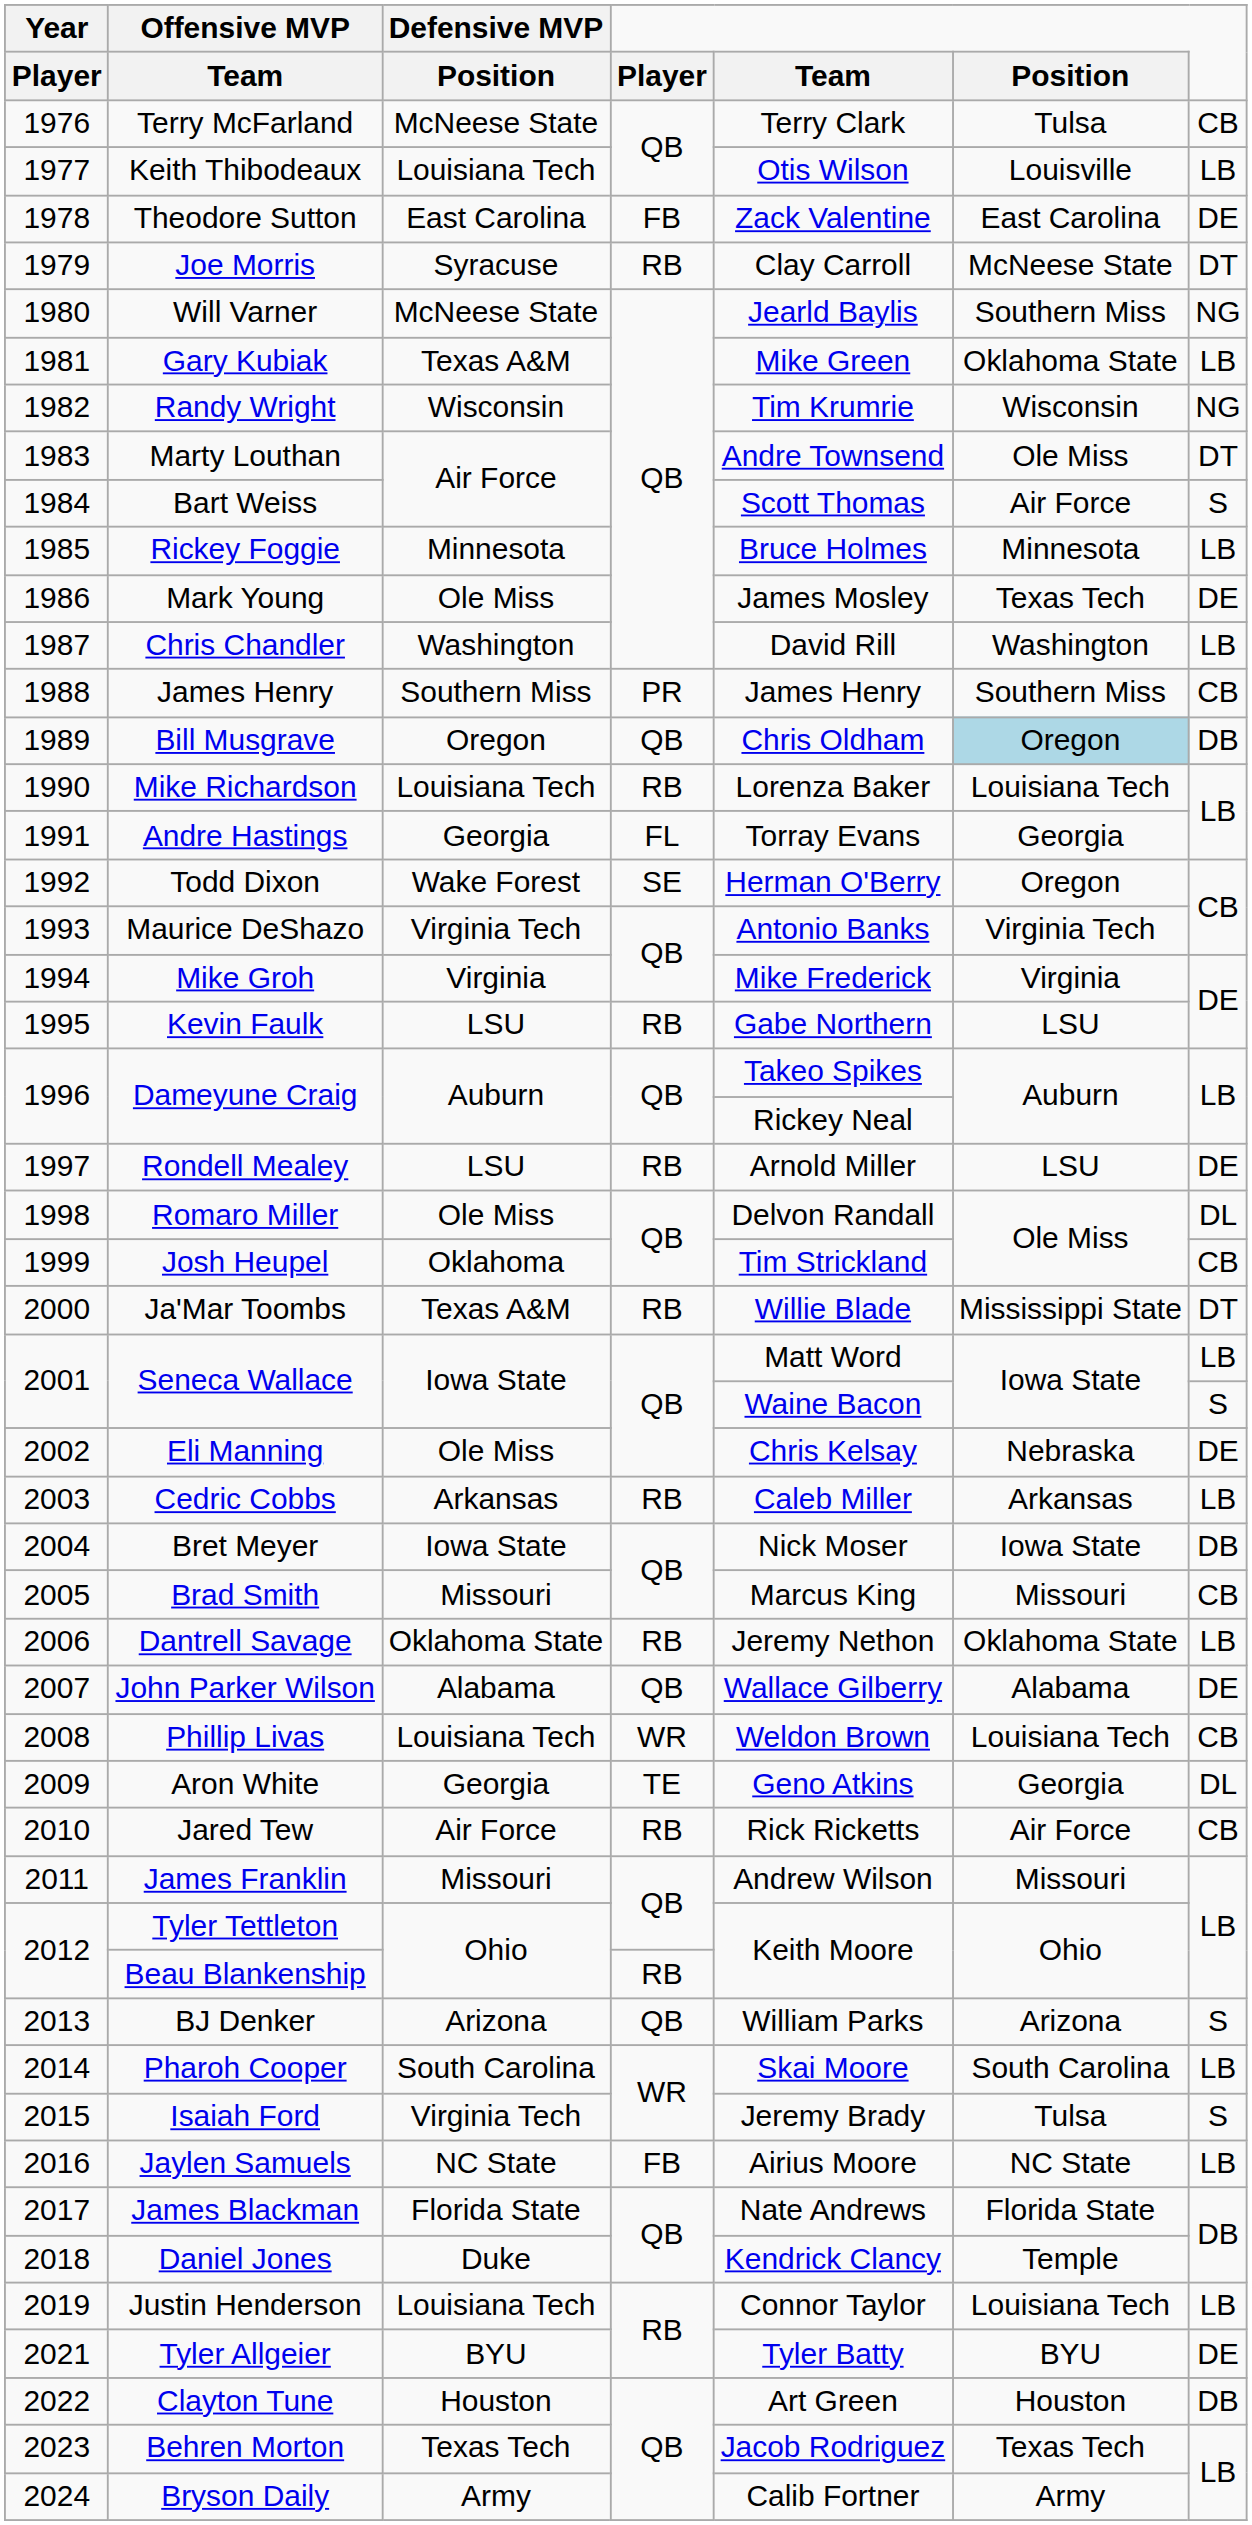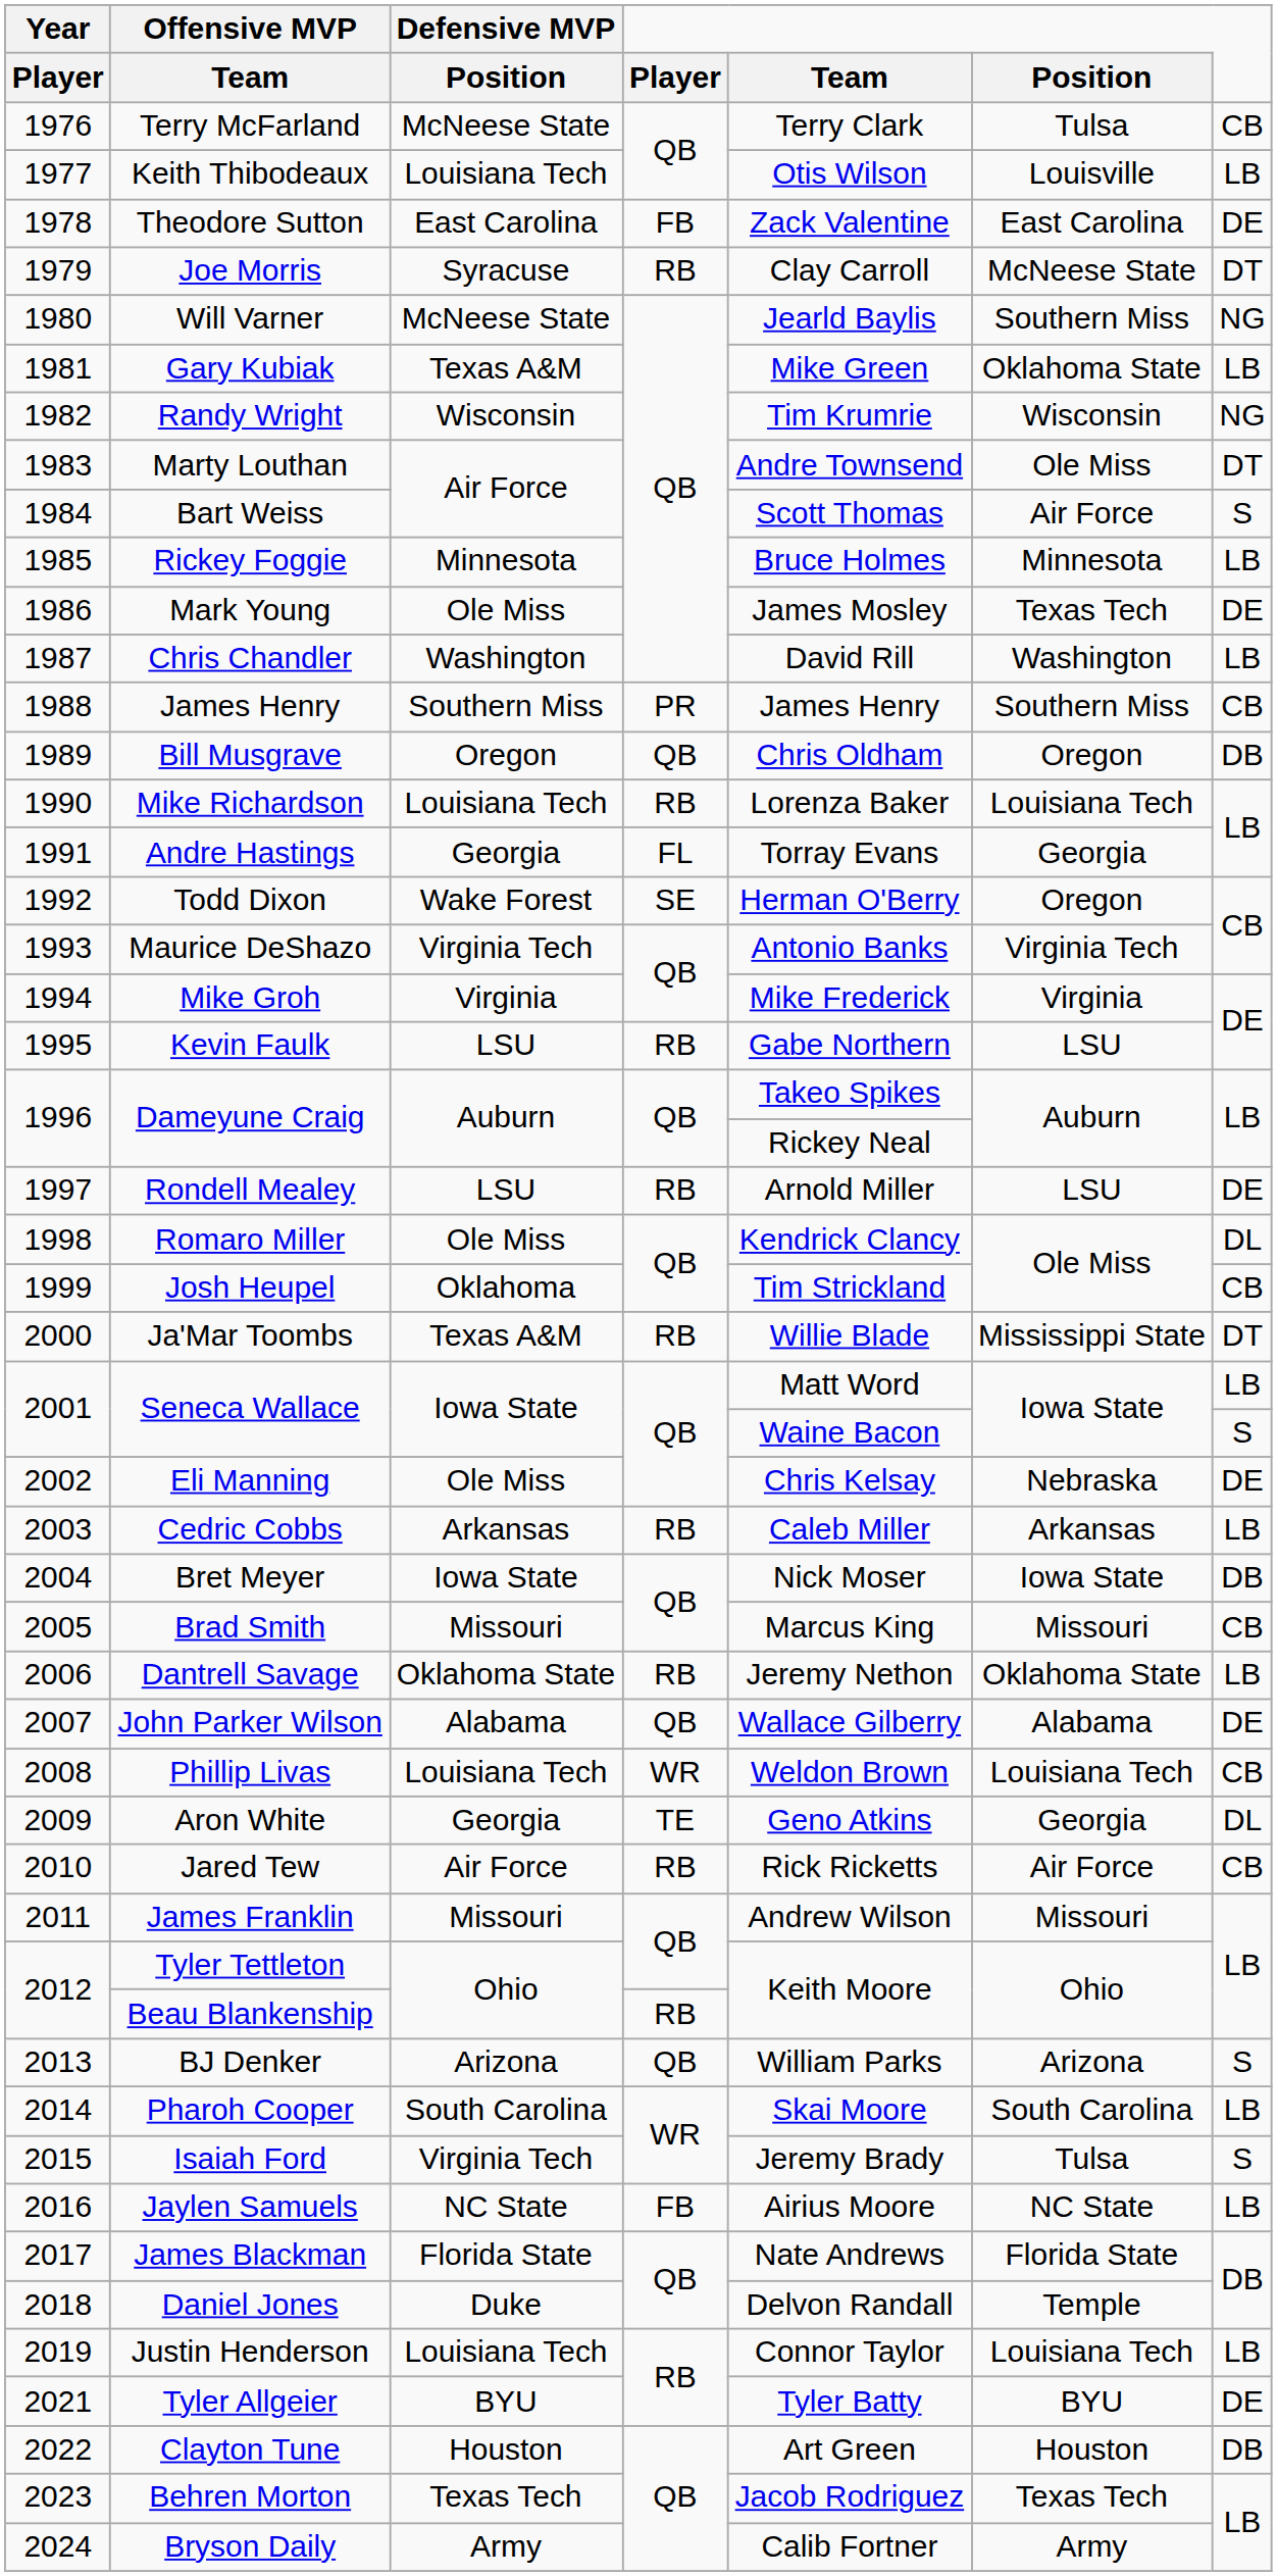 <table class="wikitable" style="text-align:center">
 <tr>
 <th>Year</th>
 <th>Offensive MVP</th>
 <th>Defensive MVP</th>
 </tr>
 <tr>
 <th>Player</th>
 <th>Team</th>
 <th>Position</th>
 <th>Player</th>
 <th>Team</th>
 <th>Position</th>
 </tr>
 <tr>
 <td>1976</td>
 <td>Terry McFarland</td>
 <td>McNeese State</td>
 <td rowspan="2">QB</td>
 <td>Terry Clark</td>
 <td>Tulsa</td>
 <td>CB</td>
 </tr>
 <tr>
 <td>1977</td>
 <td>Keith Thibodeaux</td>
 <td>Louisiana Tech</td>
 <td><a href='#'>Otis Wilson</a></td>
 <td>Louisville</td>
 <td>LB</td>
 </tr>
 <tr>
 <td>1978</td>
 <td>Theodore Sutton</td>
 <td>East Carolina</td>
 <td>FB</td>
 <td><a href='#'>Zack Valentine</a></td>
 <td>East Carolina</td>
 <td>DE</td>
 </tr>
 <tr>
 <td>1979</td>
 <td><a href='#'>Joe Morris</a></td>
 <td>Syracuse</td>
 <td>RB</td>
 <td>Clay Carroll</td>
 <td>McNeese State</td>
 <td>DT</td>
 </tr>
 <tr>
 <td>1980</td>
 <td>Will Varner</td>
 <td>McNeese State</td>
 <td rowspan="8">QB</td>
 <td><a href='#'>Jearld Baylis</a></td>
 <td>Southern Miss</td>
 <td>NG</td>
 </tr>
 <tr>
 <td>1981</td>
 <td><a href='#'>Gary Kubiak</a></td>
 <td>Texas A&M</td>
 <td><a href='#'>Mike Green</a></td>
 <td>Oklahoma State</td>
 <td>LB</td>
 </tr>
 <tr>
 <td>1982</td>
 <td><a href='#'>Randy Wright</a></td>
 <td>Wisconsin</td>
 <td><a href='#'>Tim Krumrie</a></td>
 <td>Wisconsin</td>
 <td>NG</td>
 </tr>
 <tr>
 <td>1983</td>
 <td>Marty Louthan</td>
 <td rowspan="2">Air Force</td>
 <td><a href='#'>Andre Townsend</a></td>
 <td>Ole Miss</td>
 <td>DT</td>
 </tr>
 <tr>
 <td>1984</td>
 <td>Bart Weiss</td>
 <td><a href='#'>Scott Thomas</a></td>
 <td>Air Force</td>
 <td>S</td>
 </tr>
 <tr>
 <td>1985</td>
 <td><a href='#'>Rickey Foggie</a></td>
 <td>Minnesota</td>
 <td><a href='#'>Bruce Holmes</a></td>
 <td>Minnesota</td>
 <td>LB</td>
 </tr>
 <tr>
 <td>1986</td>
 <td>Mark Young</td>
 <td>Ole Miss</td>
 <td>James Mosley</td>
 <td>Texas Tech</td>
 <td>DE</td>
 </tr>
 <tr>
 <td>1987</td>
 <td><a href='#'>Chris Chandler</a></td>
 <td>Washington</td>
 <td>David Rill</td>
 <td>Washington</td>
 <td>LB</td>
 </tr>
 <tr>
 <td>1988</td>
 <td>James Henry</td>
 <td>Southern Miss</td>
 <td>PR</td>
 <td>James Henry</td>
 <td>Southern Miss</td>
 <td>CB</td>
 </tr>
 <tr>
 <td>1989</td>
 <td><a href='#'>Bill Musgrave</a></td>
 <td>Oregon</td>
 <td>QB</td>
 <td><a href='#'>Chris Oldham</a></td>
-<td style="background: lightblue;">Oregon</td>
+<td>Oregon</td>
 <td>DB</td>
 </tr>
 <tr>
 <td>1990</td>
 <td><a href='#'>Mike Richardson</a></td>
 <td>Louisiana Tech</td>
 <td>RB</td>
 <td>Lorenza Baker</td>
 <td>Louisiana Tech</td>
 <td rowspan="2">LB</td>
 </tr>
 <tr>
 <td>1991</td>
 <td><a href='#'>Andre Hastings</a></td>
 <td>Georgia</td>
 <td>FL</td>
 <td>Torray Evans</td>
 <td>Georgia</td>
 </tr>
 <tr>
 <td>1992</td>
 <td>Todd Dixon</td>
 <td>Wake Forest</td>
 <td>SE</td>
 <td><a href='#'>Herman O'Berry</a></td>
 <td>Oregon</td>
 <td rowspan="2">CB</td>
 </tr>
 <tr>
 <td>1993</td>
 <td>Maurice DeShazo</td>
 <td>Virginia Tech</td>
 <td rowspan="2">QB</td>
 <td><a href='#'>Antonio Banks</a></td>
 <td>Virginia Tech</td>
 </tr>
 <tr>
 <td>1994</td>
 <td><a href='#'>Mike Groh</a></td>
 <td>Virginia</td>
 <td><a href='#'>Mike Frederick</a></td>
 <td>Virginia</td>
 <td rowspan="2">DE</td>
 </tr>
 <tr>
 <td>1995</td>
 <td><a href='#'>Kevin Faulk</a></td>
 <td>LSU</td>
 <td>RB</td>
 <td><a href='#'>Gabe Northern</a></td>
 <td>LSU</td>
 </tr>
 <tr>
 <td rowspan="2">1996</td>
 <td rowspan="2"><a href='#'>Dameyune Craig</a></td>
 <td rowspan="2">Auburn</td>
 <td rowspan="2">QB</td>
 <td><a href='#'>Takeo Spikes</a></td>
 <td rowspan="2">Auburn</td>
 <td rowspan="2">LB</td>
 </tr>
 <tr>
 <td>Rickey Neal</td>
 </tr>
 <tr>
 <td>1997</td>
 <td><a href='#'>Rondell Mealey</a></td>
 <td>LSU</td>
 <td>RB</td>
 <td>Arnold Miller</td>
 <td>LSU</td>
 <td>DE</td>
 </tr>
 <tr>
 <td>1998</td>
 <td><a href='#'>Romaro Miller</a></td>
 <td>Ole Miss</td>
 <td rowspan="2">QB</td>
-<td>Delvon Randall</td>
+<td><a href='#'>Kendrick Clancy</a></td>
 <td rowspan="2">Ole Miss</td>
 <td>DL</td>
 </tr>
 <tr>
 <td>1999</td>
 <td><a href='#'>Josh Heupel</a></td>
 <td>Oklahoma</td>
 <td><a href='#'>Tim Strickland</a></td>
 <td>CB</td>
 </tr>
 <tr>
 <td>2000</td>
 <td>Ja'Mar Toombs</td>
 <td>Texas A&M</td>
 <td>RB</td>
 <td><a href='#'>Willie Blade</a></td>
 <td>Mississippi State</td>
 <td>DT</td>
 </tr>
 <tr>
 <td rowspan="2">2001</td>
 <td rowspan="2"><a href='#'>Seneca Wallace</a></td>
 <td rowspan="2">Iowa State</td>
 <td rowspan="3">QB</td>
 <td>Matt Word</td>
 <td rowspan="2">Iowa State</td>
 <td>LB</td>
 </tr>
 <tr>
 <td><a href='#'>Waine Bacon</a></td>
 <td>S</td>
 </tr>
 <tr>
 <td>2002</td>
 <td><a href='#'>Eli Manning</a></td>
 <td>Ole Miss</td>
 <td><a href='#'>Chris Kelsay</a></td>
 <td>Nebraska</td>
 <td>DE</td>
 </tr>
 <tr>
 <td>2003</td>
 <td><a href='#'>Cedric Cobbs</a></td>
 <td>Arkansas</td>
 <td>RB</td>
 <td><a href='#'>Caleb Miller</a></td>
 <td>Arkansas</td>
 <td>LB</td>
 </tr>
 <tr>
 <td>2004</td>
 <td>Bret Meyer</td>
 <td>Iowa State</td>
 <td rowspan="2">QB</td>
 <td>Nick Moser</td>
 <td>Iowa State</td>
 <td>DB</td>
 </tr>
 <tr>
 <td>2005</td>
 <td><a href='#'>Brad Smith</a></td>
 <td>Missouri</td>
 <td>Marcus King</td>
 <td>Missouri</td>
 <td>CB</td>
 </tr>
 <tr>
 <td>2006</td>
 <td><a href='#'>Dantrell Savage</a></td>
 <td>Oklahoma State</td>
 <td>RB</td>
 <td>Jeremy Nethon</td>
 <td>Oklahoma State</td>
 <td>LB</td>
 </tr>
 <tr>
 <td>2007</td>
 <td><a href='#'>John Parker Wilson</a></td>
 <td>Alabama</td>
 <td>QB</td>
 <td><a href='#'>Wallace Gilberry</a></td>
 <td>Alabama</td>
 <td>DE</td>
 </tr>
 <tr>
 <td>2008</td>
 <td><a href='#'>Phillip Livas</a></td>
 <td>Louisiana Tech</td>
 <td>WR</td>
 <td><a href='#'>Weldon Brown</a></td>
 <td>Louisiana Tech</td>
 <td>CB</td>
 </tr>
 <tr>
 <td>2009</td>
 <td>Aron White</td>
 <td>Georgia</td>
 <td>TE</td>
 <td><a href='#'>Geno Atkins</a></td>
 <td>Georgia</td>
 <td>DL</td>
 </tr>
 <tr>
 <td>2010</td>
 <td>Jared Tew</td>
 <td>Air Force</td>
 <td>RB</td>
 <td>Rick Ricketts</td>
 <td>Air Force</td>
 <td>CB</td>
 </tr>
 <tr>
 <td>2011</td>
 <td><a href='#'>James Franklin</a></td>
 <td>Missouri</td>
 <td rowspan="2">QB</td>
 <td>Andrew Wilson</td>
 <td>Missouri</td>
 <td rowspan="3">LB</td>
 </tr>
 <tr>
 <td rowspan="2">2012</td>
 <td><a href='#'>Tyler Tettleton</a></td>
 <td rowspan="2">Ohio</td>
 <td rowspan="2">Keith Moore</td>
 <td rowspan="2">Ohio</td>
 </tr>
 <tr>
 <td><a href='#'>Beau Blankenship</a></td>
 <td>RB</td>
 </tr>
 <tr>
 <td>2013</td>
 <td>BJ Denker</td>
 <td>Arizona</td>
 <td>QB</td>
 <td>William Parks</td>
 <td>Arizona</td>
 <td>S</td>
 </tr>
 <tr>
 <td>2014</td>
 <td><a href='#'>Pharoh Cooper</a></td>
 <td>South Carolina</td>
 <td rowspan="2">WR</td>
 <td><a href='#'>Skai Moore</a></td>
 <td>South Carolina</td>
 <td>LB</td>
 </tr>
 <tr>
 <td>2015</td>
 <td><a href='#'>Isaiah Ford</a></td>
 <td>Virginia Tech</td>
 <td>Jeremy Brady</td>
 <td>Tulsa</td>
 <td>S</td>
 </tr>
 <tr>
 <td>2016</td>
 <td><a href='#'>Jaylen Samuels</a></td>
 <td>NC State</td>
 <td>FB</td>
 <td>Airius Moore</td>
 <td>NC State</td>
 <td>LB</td>
 </tr>
 <tr>
 <td>2017</td>
 <td><a href='#'>James Blackman</a></td>
 <td>Florida State</td>
 <td rowspan="2">QB</td>
 <td>Nate Andrews</td>
 <td>Florida State</td>
 <td rowspan="2">DB</td>
 </tr>
 <tr>
 <td>2018</td>
 <td><a href='#'>Daniel Jones</a></td>
 <td>Duke</td>
-<td><a href='#'>Kendrick Clancy</a></td>
+<td>Delvon Randall</td>
 <td>Temple</td>
 </tr>
 <tr>
 <td>2019</td>
 <td>Justin Henderson</td>
 <td>Louisiana Tech</td>
 <td rowspan="2">RB</td>
 <td>Connor Taylor</td>
 <td>Louisiana Tech</td>
 <td>LB</td>
 </tr>
 <tr>
 <td>2021</td>
 <td><a href='#'>Tyler Allgeier</a></td>
 <td>BYU</td>
 <td><a href='#'>Tyler Batty</a></td>
 <td>BYU</td>
 <td>DE</td>
 </tr>
 <tr>
 <td>2022</td>
 <td><a href='#'>Clayton Tune</a></td>
 <td>Houston</td>
 <td rowspan="3">QB</td>
 <td>Art Green</td>
 <td>Houston</td>
 <td>DB</td>
 </tr>
 <tr>
 <td>2023</td>
 <td><a href='#'>Behren Morton</a></td>
 <td>Texas Tech</td>
 <td><a href='#'>Jacob Rodriguez</a></td>
 <td>Texas Tech</td>
 <td rowspan="2">LB</td>
 </tr>
 <tr>
 <td>2024</td>
 <td><a href='#'>Bryson Daily</a></td>
 <td>Army</td>
 <td>Calib Fortner</td>
 <td>Army</td>
 </tr>
 </table>
